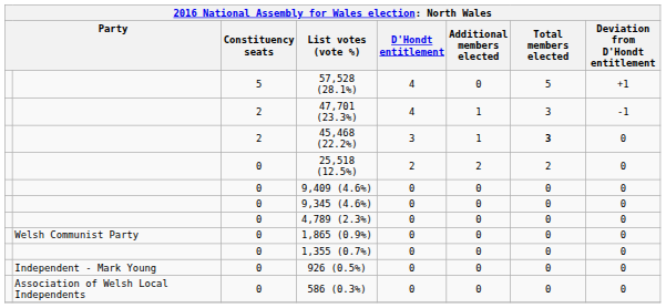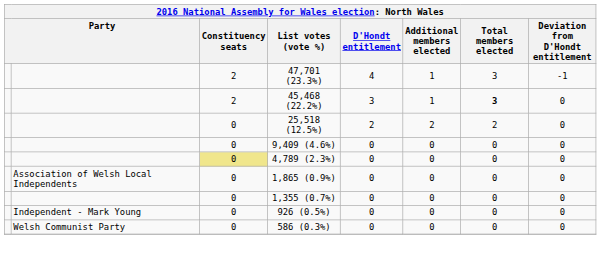 <table class="wikitable" style="text-align:center">
 <tr>
 <th colspan=8><a href='#'>2016 National Assembly for Wales election</a>: North Wales</th>
 </tr>
 <tr>
 <th colspan="2" rowspan="1" align="center" valign="top">Party</th>
 <th>Constituency<br>seats</th>
 <th>List votes<br>(vote %)</th>
 <th><a href='#'>D'Hondt<br>entitlement</a></th>
 <th>Additional<br>members<br>elected</th>
 <th>Total members<br>elected</th>
 <th>Deviation<br>from D'Hondt<br>entitlement</th>
-</tr>
-<tr>
-<td style="width: 4px" bgcolor=></td>
-<td style="text-align: left;" scope="row"><strong><a href='#'></a></strong></td>
-<td>5</td>
-<td>57,528 (28.1%)</td>
-<td>4</td>
-<td>0</td>
-<td>5</td>
-<td>+1</td>
 </tr>
 <tr>
 <td style="width: 4px" bgcolor=></td>
 <td style="text-align: left;" scope="row"><strong><a href='#'></a></strong></td>
 <td>2</td>
 <td>47,701 (23.3%)</td>
 <td>4</td>
 <td>1</td>
 <td>3</td>
 <td>-1</td>
 </tr>
 <tr>
 <td style="width: 4px" bgcolor=></td>
 <td style="text-align: left;" scope="row"><strong><a href='#'></a></strong></td>
 <td>2</td>
 <td>45,468 (22.2%)</td>
 <td>3</td>
 <td>1</td>
 <td><strong>3</strong></td>
 <td>0</td>
 </tr>
 <tr>
 <td style="width: 4px" bgcolor=></td>
 <td style="text-align: left;" scope="row"><strong><a href='#'></a></strong></td>
 <td>0</td>
 <td>25,518 (12.5%)</td>
 <td>2</td>
 <td>2</td>
 <td>2</td>
 <td>0</td>
 </tr>
 <tr>
 <td style="width: 4px"></td>
 <td style="text-align: left;" scope="row"><a href='#'></a></td>
 <td>0</td>
 <td>9,409 (4.6%)</td>
 <td>0</td>
 <td>0</td>
 <td>0</td>
 <td>0</td>
 </tr>
 <tr>
 <td style="width: 4px" bgcolor=></td>
 <td style="text-align: left;" scope="row"><a href='#'></a></td>
-<td>0</td>
-<td>9,345 (4.6%)</td>
-<td>0</td>
-<td>0</td>
-<td>0</td>
-<td>0</td>
-</tr>
-<tr>
-<td style="width: 4px" bgcolor=></td>
-<td style="text-align: left;" scope="row"><a href='#'></a></td>
-<td>0</td>
+<td style="background: khaki;">0</td>
 <td>4,789 (2.3%)</td>
 <td>0</td>
 <td>0</td>
 <td>0</td>
 <td>0</td>
 </tr>
 <tr>
 <td style="width: 4px" bgcolor=></td>
-<td style="text-align: left;" scope="row">Welsh Communist Party</td>
+<td style="text-align: left;" scope="row">Association of Welsh Local Independents</td>
 <td>0</td>
 <td>1,865 (0.9%)</td>
 <td>0</td>
 <td>0</td>
 <td>0</td>
 <td>0</td>
 </tr>
 <tr>
 <td style="width: 4px"></td>
 <td style="text-align: left;" scope="row"><a href='#'></a></td>
 <td>0</td>
 <td>1,355 (0.7%)</td>
 <td>0</td>
 <td>0</td>
 <td>0</td>
 <td>0</td>
 </tr>
 <tr>
 <td style="width: 4px" bgcolor=></td>
 <td style="text-align: left;" scope="row">Independent - Mark Young</td>
 <td>0</td>
 <td>926 (0.5%)</td>
 <td>0</td>
 <td>0</td>
 <td>0</td>
 <td>0</td>
 </tr>
 <tr>
 <td style="width: 4px"></td>
-<td style="text-align: left;" scope="row">Association of Welsh Local Independents</td>
+<td style="text-align: left;" scope="row">Welsh Communist Party</td>
 <td>0</td>
 <td>586 (0.3%)</td>
 <td>0</td>
 <td>0</td>
 <td>0</td>
 <td>0</td>
 </tr>
 <tr>
 </tr>
 </table>
